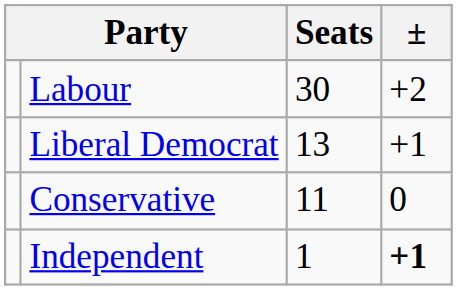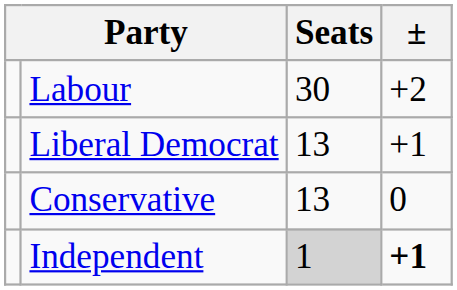 <table class="wikitable">
 <tr>
 <th colspan="2">Party</th>
 <th>Seats</th>
 <th>  ±  </th>
 </tr>
 <tr>
 <td style="background-color: "></td>
 <td><a href='#'>Labour</a></td>
 <td>30</td>
 <td>+2</td>
 </tr>
 <tr>
 <td style="background-color: "></td>
 <td><a href='#'>Liberal Democrat</a></td>
 <td>13</td>
 <td>+1</td>
 </tr>
 <tr>
 <td style="background-color: "></td>
 <td><a href='#'>Conservative</a></td>
-<td>11</td>
+<td>13</td>
 <td>0</td>
 </tr>
 <tr>
 <td style="background-color: "></td>
 <td><a href='#'>Independent</a></td>
-<td>1</td>
+<td style="background: lightgrey;">1</td>
 <td><strong>+1</strong></td>
 </tr>
 </table>
